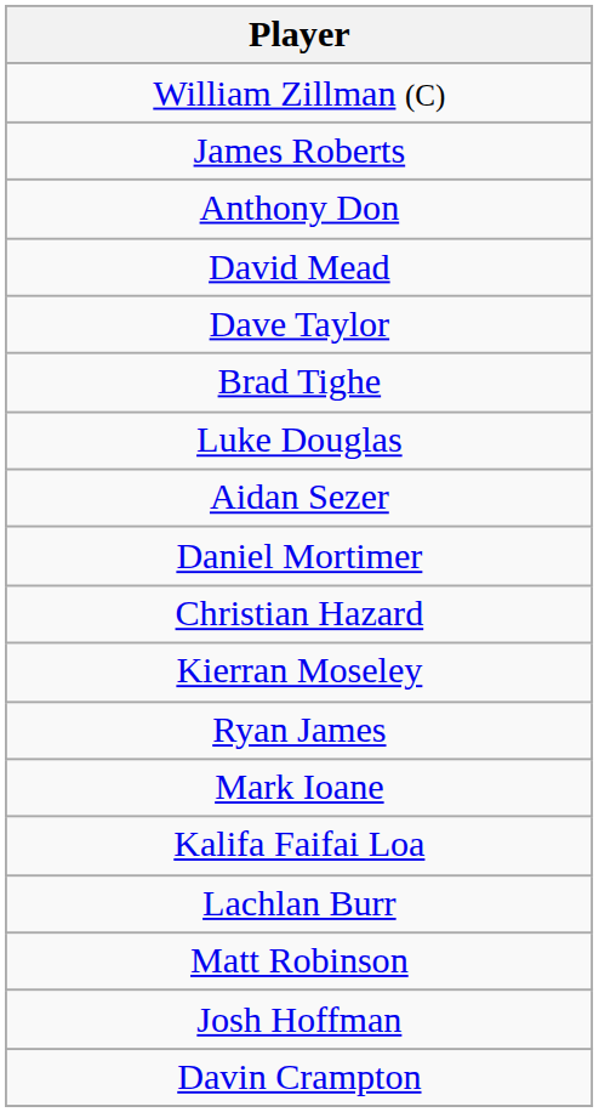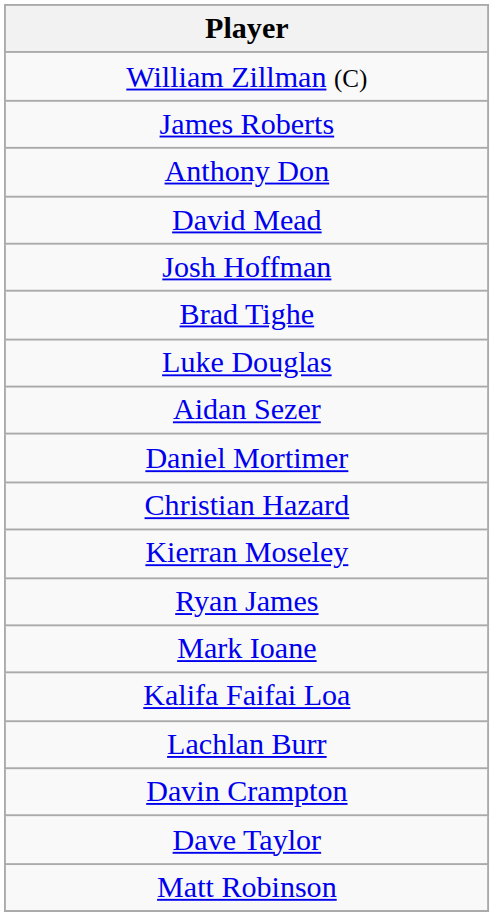 <table class="wikitable" style="text-align: center;">
 <tr>
 <th style="width:250px;">Player</th>
 </tr>
 <tr>
 <td><a href='#'>William Zillman</a> <small>(C)</small></td>
 </tr>
 <tr>
 <td><a href='#'>James Roberts</a></td>
 </tr>
 <tr>
 <td><a href='#'>Anthony Don</a></td>
 </tr>
 <tr>
 <td><a href='#'>David Mead</a></td>
 </tr>
 <tr>
-<td><a href='#'>Dave Taylor</a></td>
+<td><a href='#'>Josh Hoffman</a></td>
 </tr>
 <tr>
 <td><a href='#'>Brad Tighe</a></td>
 </tr>
 <tr>
 <td><a href='#'>Luke Douglas</a></td>
 </tr>
 <tr>
 <td><a href='#'>Aidan Sezer</a></td>
 </tr>
 <tr>
 <td><a href='#'>Daniel Mortimer</a></td>
 </tr>
 <tr>
 <td><a href='#'>Christian Hazard</a></td>
 </tr>
 <tr>
 <td><a href='#'>Kierran Moseley</a></td>
 </tr>
 <tr>
 <td><a href='#'>Ryan James</a></td>
 </tr>
 <tr>
 <td><a href='#'>Mark Ioane</a></td>
 </tr>
 <tr>
 <td><a href='#'>Kalifa Faifai Loa</a></td>
 </tr>
 <tr>
 <td><a href='#'>Lachlan Burr</a></td>
 </tr>
 <tr>
-<td><a href='#'>Matt Robinson</a></td>
+<td><a href='#'>Davin Crampton</a></td>
 </tr>
 <tr>
-<td><a href='#'>Josh Hoffman</a></td>
+<td><a href='#'>Dave Taylor</a></td>
 </tr>
 <tr>
-<td><a href='#'>Davin Crampton</a></td>
+<td><a href='#'>Matt Robinson</a></td>
 </tr>
 <tr>
 </tr>
 </table>
